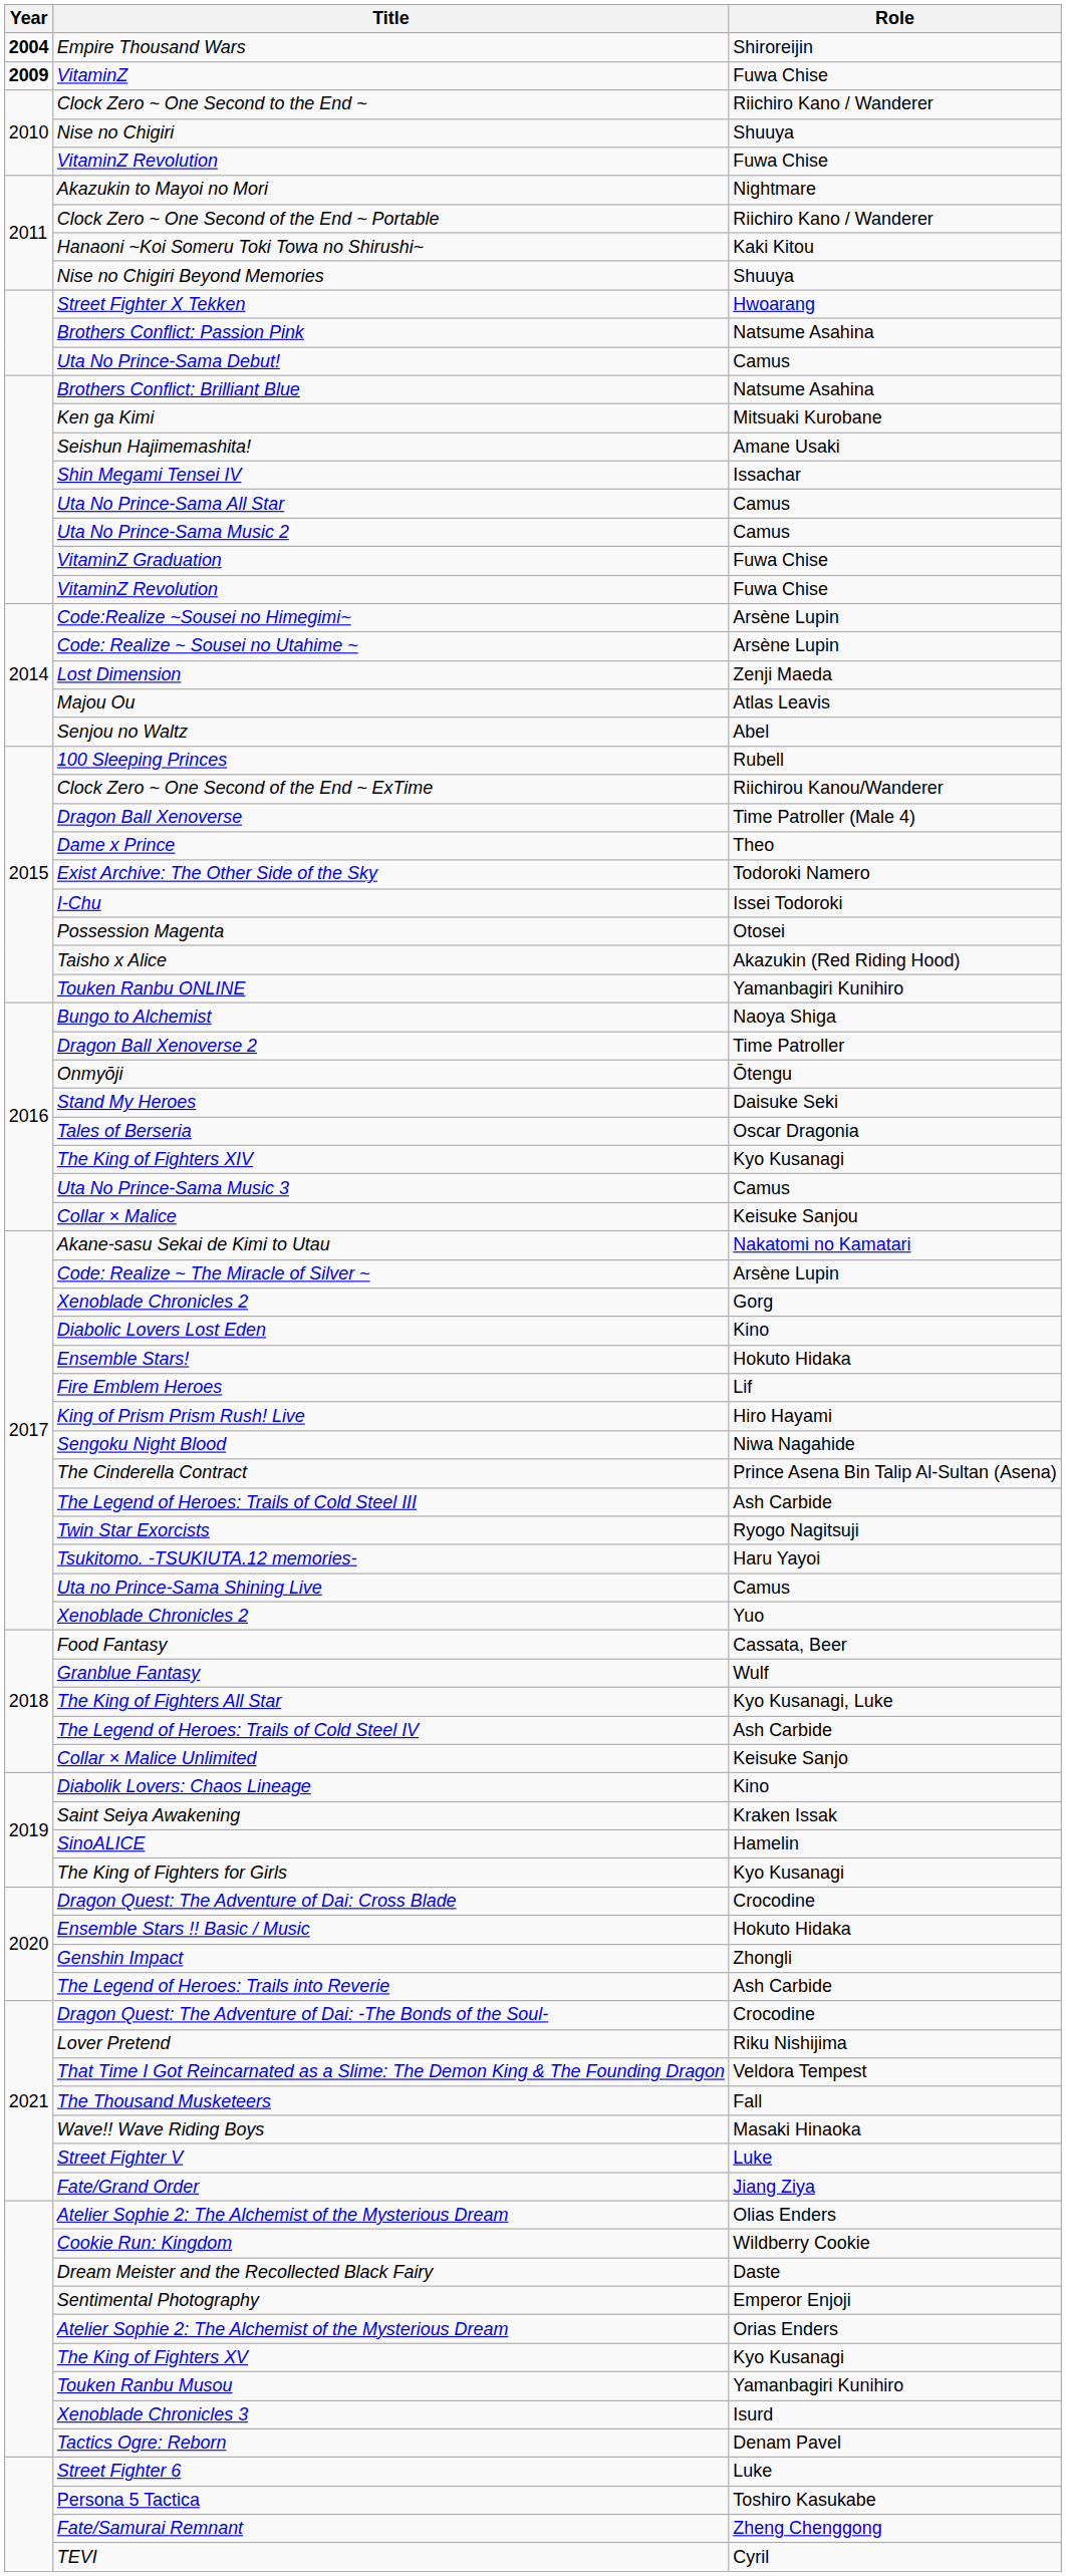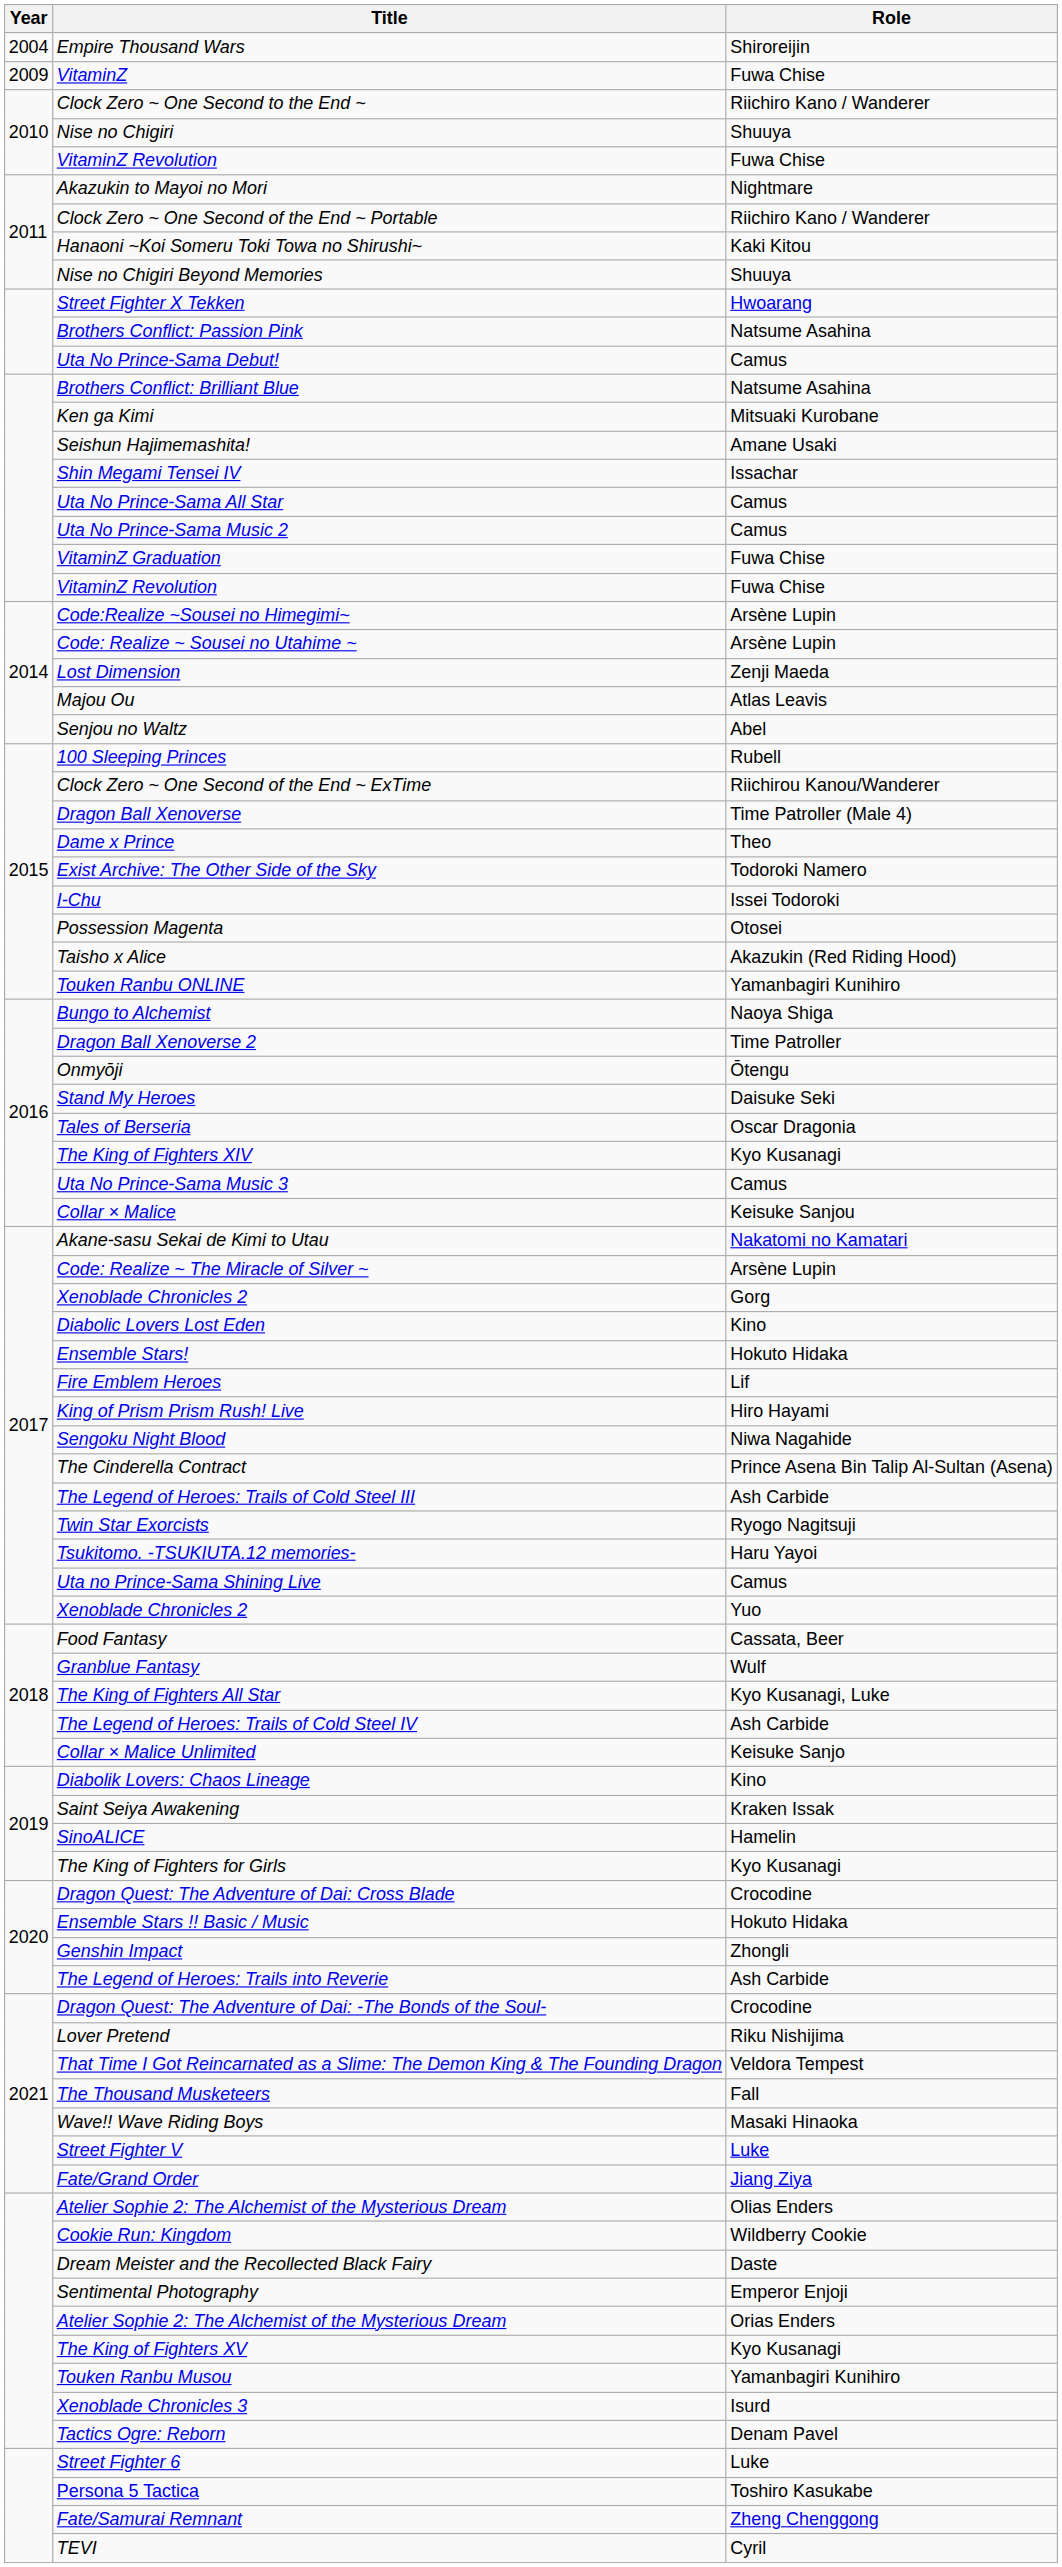 <table class="wikitable">
 <tr>
 <th>Year</th>
 <th>Title</th>
 <th>Role</th>
 </tr>
 <tr>
-<td><strong>2004</strong></td>
+<td>2004</td>
 <td><em>Empire Thousand Wars</em></td>
 <td>Shiroreijin</td>
 </tr>
 <tr>
-<td><strong>2009</strong></td>
+<td>2009</td>
 <td><a href='#'><em>VitaminZ</em></a></td>
 <td>Fuwa Chise</td>
 </tr>
 <tr>
 <td rowspan="3">2010</td>
 <td><em>Clock Zero ~ One Second to the End ~</em></td>
 <td>Riichiro Kano / Wanderer</td>
 </tr>
 <tr>
 <td><em>Nise no Chigiri</em></td>
 <td>Shuuya</td>
 </tr>
 <tr>
 <td><a href='#'><em>VitaminZ Revolution</em></a></td>
 <td>Fuwa Chise</td>
 </tr>
 <tr>
 <td rowspan="4">2011</td>
 <td><em>Akazukin to Mayoi no Mori</em></td>
 <td>Nightmare</td>
 </tr>
 <tr>
 <td><em>Clock Zero ~ One Second of the End ~ Portable</em></td>
 <td>Riichiro Kano / Wanderer</td>
 </tr>
 <tr>
 <td><em>Hanaoni ~Koi Someru Toki Towa no Shirushi~</em></td>
 <td>Kaki Kitou</td>
 </tr>
 <tr>
 <td><em>Nise no Chigiri Beyond Memories</em></td>
 <td>Shuuya</td>
 </tr>
 <tr>
 <td rowspan="3"></td>
 <td><em><a href='#'>Street Fighter X Tekken</a></em></td>
 <td><a href='#'>Hwoarang</a></td>
 </tr>
 <tr>
 <td><em><a href='#'>Brothers Conflict: Passion Pink</a></em></td>
 <td>Natsume Asahina</td>
 </tr>
 <tr>
 <td><em><a href='#'>Uta No Prince-Sama Debut!</a></em></td>
 <td>Camus</td>
 </tr>
 <tr>
 <td rowspan="8"></td>
 <td><em><a href='#'>Brothers Conflict: Brilliant Blue</a></em></td>
 <td>Natsume Asahina</td>
 </tr>
 <tr>
 <td><em>Ken ga Kimi</em></td>
 <td>Mitsuaki Kurobane</td>
 </tr>
 <tr>
 <td><em>Seishun Hajimemashita!</em></td>
 <td>Amane Usaki</td>
 </tr>
 <tr>
 <td><em><a href='#'>Shin Megami Tensei IV</a></em></td>
 <td>Issachar</td>
 </tr>
 <tr>
 <td><em><a href='#'>Uta No Prince-Sama All Star</a></em></td>
 <td>Camus</td>
 </tr>
 <tr>
 <td><em><a href='#'>Uta No Prince-Sama Music 2</a></em></td>
 <td>Camus</td>
 </tr>
 <tr>
 <td><a href='#'><em>VitaminZ Graduation</em></a></td>
 <td>Fuwa Chise</td>
 </tr>
 <tr>
 <td><a href='#'><em>VitaminZ Revolution</em></a></td>
 <td>Fuwa Chise</td>
 </tr>
 <tr>
 <td rowspan="5">2014</td>
 <td><em><a href='#'>Code:Realize ~Sousei no Himegimi~</a></em></td>
 <td>Arsène Lupin</td>
 </tr>
 <tr>
 <td><a href='#'><em>Code: Realize ~ Sousei no Utahime ~</em></a></td>
 <td>Arsène Lupin</td>
 </tr>
 <tr>
 <td><em><a href='#'>Lost Dimension</a></em></td>
 <td>Zenji Maeda</td>
 </tr>
 <tr>
 <td><em>Majou Ou</em></td>
 <td>Atlas Leavis</td>
 </tr>
 <tr>
 <td><em>Senjou no Waltz</em></td>
 <td>Abel</td>
 </tr>
 <tr>
 <td rowspan="9">2015</td>
 <td><a href='#'><em>100 Sleeping Princes</em></a></td>
 <td>Rubell</td>
 </tr>
 <tr>
 <td><em>Clock Zero ~ One Second of the End ~ ExTime</em></td>
 <td>Riichirou Kanou/Wanderer</td>
 </tr>
 <tr>
 <td><em><a href='#'>Dragon Ball Xenoverse</a></em></td>
 <td>Time Patroller (Male 4)</td>
 </tr>
 <tr>
 <td><em><a href='#'>Dame x Prince</a></em></td>
 <td>Theo</td>
 </tr>
 <tr>
 <td><em><a href='#'>Exist Archive: The Other Side of the Sky</a></em></td>
 <td>Todoroki Namero</td>
 </tr>
 <tr>
 <td><em><a href='#'>I-Chu</a></em></td>
 <td>Issei Todoroki</td>
 </tr>
 <tr>
 <td><em>Possession Magenta</em></td>
 <td>Otosei</td>
 </tr>
 <tr>
 <td><em>Taisho x Alice</em></td>
 <td>Akazukin (Red Riding Hood)</td>
 </tr>
 <tr>
 <td><a href='#'><em>Touken Ranbu ONLINE</em></a></td>
 <td>Yamanbagiri Kunihiro</td>
 </tr>
 <tr>
 <td rowspan="8">2016</td>
 <td><a href='#'><em>Bungo to Alchemist</em></a></td>
 <td>Naoya Shiga</td>
 </tr>
 <tr>
 <td><em><a href='#'>Dragon Ball Xenoverse 2</a></em></td>
 <td>Time Patroller</td>
 </tr>
 <tr>
 <td><em>Onmyōji</em></td>
 <td>Ōtengu</td>
 </tr>
 <tr>
 <td><em><a href='#'>Stand My Heroes</a></em></td>
 <td>Daisuke Seki</td>
 </tr>
 <tr>
 <td><em><a href='#'>Tales of Berseria</a></em></td>
 <td>Oscar Dragonia</td>
 </tr>
 <tr>
 <td><em><a href='#'>The King of Fighters XIV</a></em></td>
 <td>Kyo Kusanagi</td>
 </tr>
 <tr>
 <td><em><a href='#'>Uta No Prince-Sama Music 3</a></em></td>
 <td>Camus</td>
 </tr>
 <tr>
 <td><em><a href='#'>Collar × Malice</a></em></td>
 <td>Keisuke Sanjou</td>
 </tr>
 <tr>
 <td rowspan="14">2017</td>
 <td><em>Akane-sasu Sekai de Kimi to Utau</em></td>
 <td><a href='#'>Nakatomi no Kamatari</a></td>
 </tr>
 <tr>
 <td><a href='#'><em>Code: Realize ~ The Miracle of Silver ~</em></a></td>
 <td>Arsène Lupin</td>
 </tr>
 <tr>
 <td><em><a href='#'>Xenoblade Chronicles 2</a></em></td>
 <td>Gorg</td>
 </tr>
 <tr>
 <td><a href='#'><em>Diabolic Lovers Lost Eden</em></a></td>
 <td>Kino</td>
 </tr>
 <tr>
 <td><em><a href='#'>Ensemble Stars!</a></em></td>
 <td>Hokuto Hidaka</td>
 </tr>
 <tr>
 <td><em><a href='#'>Fire Emblem Heroes</a></em></td>
 <td>Lif</td>
 </tr>
 <tr>
 <td><a href='#'><em>King of Prism Prism Rush! Live</em></a></td>
 <td>Hiro Hayami</td>
 </tr>
 <tr>
 <td><em><a href='#'>Sengoku Night Blood</a></em></td>
 <td>Niwa Nagahide</td>
 </tr>
 <tr>
 <td><em>The Cinderella Contract</em></td>
 <td>Prince Asena Bin Talip Al-Sultan (Asena)</td>
 </tr>
 <tr>
 <td><em><a href='#'>The Legend of Heroes: Trails of Cold Steel III</a></em></td>
 <td>Ash Carbide</td>
 </tr>
 <tr>
 <td><em><a href='#'>Twin Star Exorcists</a></em></td>
 <td>Ryogo Nagitsuji</td>
 </tr>
 <tr>
 <td><a href='#'><em>Tsukitomo. -TSUKIUTA.12 memories-</em></a></td>
 <td>Haru Yayoi</td>
 </tr>
 <tr>
 <td><a href='#'><em>Uta no Prince-Sama Shining Live</em></a></td>
 <td>Camus</td>
 </tr>
 <tr>
 <td><em><a href='#'>Xenoblade Chronicles 2</a></em></td>
 <td>Yuo</td>
 </tr>
 <tr>
 <td rowspan="5">2018</td>
 <td><em>Food Fantasy</em></td>
 <td>Cassata, Beer</td>
 </tr>
 <tr>
 <td><em><a href='#'>Granblue Fantasy</a></em></td>
 <td>Wulf</td>
 </tr>
 <tr>
 <td><em><a href='#'>The King of Fighters All Star</a></em></td>
 <td>Kyo Kusanagi, Luke</td>
 </tr>
 <tr>
 <td><em><a href='#'>The Legend of Heroes: Trails of Cold Steel IV</a></em></td>
 <td>Ash Carbide</td>
 </tr>
 <tr>
 <td><a href='#'><em>Collar × Malice Unlimited</em></a></td>
 <td>Keisuke Sanjo</td>
 </tr>
 <tr>
 <td rowspan="4">2019</td>
 <td><em><a href='#'>Diabolik Lovers: Chaos Lineage</a></em></td>
 <td>Kino</td>
 </tr>
 <tr>
 <td><em>Saint Seiya Awakening</em></td>
 <td>Kraken Issak</td>
 </tr>
 <tr>
 <td><em><a href='#'>SinoALICE</a></em></td>
 <td>Hamelin</td>
 </tr>
 <tr>
 <td><em>The King of Fighters for Girls</em></td>
 <td>Kyo Kusanagi</td>
 </tr>
 <tr>
 <td rowspan="4">2020</td>
 <td><a href='#'><em>Dragon Quest: The Adventure of Dai: Cross Blade</em></a></td>
 <td>Crocodine</td>
 </tr>
 <tr>
 <td><a href='#'><em>Ensemble Stars !! Basic / Music</em></a></td>
 <td>Hokuto Hidaka</td>
 </tr>
 <tr>
 <td><em><a href='#'>Genshin Impact</a></em></td>
 <td>Zhongli</td>
 </tr>
 <tr>
 <td><em><a href='#'>The Legend of Heroes: Trails into Reverie</a></em></td>
 <td>Ash Carbide</td>
 </tr>
 <tr>
 <td rowspan="7">2021</td>
 <td><a href='#'><em>Dragon Quest: The Adventure of Dai: -The Bonds of the Soul-</em></a></td>
 <td>Crocodine</td>
 </tr>
 <tr>
 <td><em>Lover Pretend</em></td>
 <td>Riku Nishijima</td>
 </tr>
 <tr>
 <td><em><a href='#'>That Time I Got Reincarnated as a Slime: The Demon King & The Founding Dragon</a></em></td>
 <td>Veldora Tempest</td>
 </tr>
 <tr>
 <td><em><a href='#'>The Thousand Musketeers</a></em></td>
 <td>Fall</td>
 </tr>
 <tr>
 <td><em>Wave!! Wave Riding Boys</em></td>
 <td>Masaki Hinaoka</td>
 </tr>
 <tr>
 <td><em><a href='#'>Street Fighter V</a></em></td>
 <td><a href='#'>Luke</a></td>
 </tr>
 <tr>
 <td><em><a href='#'>Fate/Grand Order</a></em></td>
 <td><a href='#'>Jiang Ziya</a></td>
 </tr>
 <tr>
 <td rowspan="9"></td>
 <td><em><a href='#'>Atelier Sophie 2: The Alchemist of the Mysterious Dream</a></em></td>
 <td>Olias Enders</td>
 </tr>
 <tr>
 <td><em><a href='#'>Cookie Run: Kingdom</a></em></td>
 <td>Wildberry Cookie</td>
 </tr>
 <tr>
 <td><em>Dream Meister and the Recollected Black Fairy</em></td>
 <td>Daste</td>
 </tr>
 <tr>
 <td><em>Sentimental Photography</em></td>
 <td>Emperor Enjoji</td>
 </tr>
 <tr>
 <td><em><a href='#'>Atelier Sophie 2: The Alchemist of the Mysterious Dream</a></em></td>
 <td>Orias Enders</td>
 </tr>
 <tr>
 <td><em><a href='#'>The King of Fighters XV</a></em></td>
 <td>Kyo Kusanagi</td>
 </tr>
 <tr>
 <td><a href='#'><em>Touken Ranbu Musou</em></a></td>
 <td>Yamanbagiri Kunihiro</td>
 </tr>
 <tr>
 <td><em><a href='#'>Xenoblade Chronicles 3</a></em></td>
 <td>Isurd</td>
 </tr>
 <tr>
 <td><em><a href='#'>Tactics Ogre: Reborn</a></em></td>
 <td>Denam Pavel</td>
 </tr>
 <tr>
 <td rowspan="4"></td>
 <td><em><a href='#'>Street Fighter 6</a></em></td>
 <td>Luke</td>
 </tr>
 <tr>
 <td><a href='#'>Persona 5 Tactica</a></td>
 <td>Toshiro Kasukabe</td>
 </tr>
 <tr>
 <td><em><a href='#'>Fate/Samurai Remnant</a></em></td>
 <td><a href='#'>Zheng Chenggong</a></td>
 </tr>
 <tr>
 <td><em>TEVI</em></td>
 <td>Cyril</td>
 </tr>
 </table>
